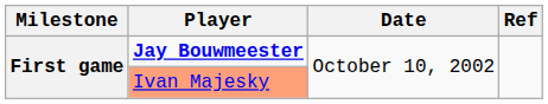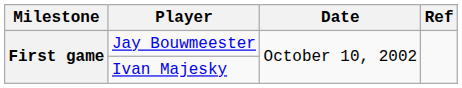 <table class="wikitable">
 <tr>
 <th scope="col">Milestone</th>
 <th scope="col">Player</th>
 <th scope="col">Date</th>
 <th scope="col">Ref</th>
 </tr>
 <tr>
 <th rowspan=2>First game</th>
-<td><strong><a href='#'>Jay Bouwmeester</a></strong></td>
+<td><a href='#'>Jay Bouwmeester</a></td>
 <td rowspan=2>October 10, 2002</td>
 <td rowspan=2></td>
 </tr>
 <tr>
-<td style="background: lightsalmon;"><a href='#'>Ivan Majesky</a></td>
+<td><a href='#'>Ivan Majesky</a></td>
 </tr>
 </table>
